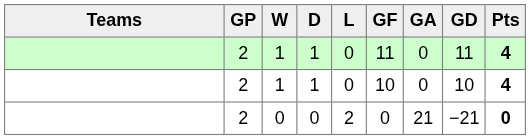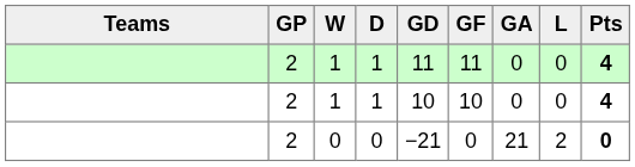 <table style=border-collapse:collapse border=1 cellspacing=0 cellpadding=5>
 <tr align=center bgcolor=#efefef>
 <th width=185>Teams</th>
 <th width=20>GP</th>
 <th width=20>W</th>
 <th width=20>D</th>
-<th width=20>L</th>
+<th width=20>GD</th>
 <th width=20>GF</th>
 <th width=20>GA</th>
-<th width=20>GD</th>
+<th width=20>L</th>
 <th width=20>Pts</th>
 </tr>
 <tr align=center style="background:#ccffcc;">
 <td style="text-align:left;"></td>
 <td>2</td>
 <td>1</td>
 <td>1</td>
-<td>0</td>
+<td>11</td>
 <td>11</td>
 <td>0</td>
-<td>11</td>
+<td>0</td>
 <td><strong>4</strong></td>
 </tr>
 <tr align=center>
 <td style="text-align:left;"></td>
 <td>2</td>
 <td>1</td>
 <td>1</td>
-<td>0</td>
+<td>10</td>
 <td>10</td>
 <td>0</td>
-<td>10</td>
+<td>0</td>
 <td><strong>4</strong></td>
 </tr>
 <tr align=center>
 <td style="text-align:left;"></td>
 <td>2</td>
 <td>0</td>
 <td>0</td>
-<td>2</td>
+<td>−21</td>
 <td>0</td>
 <td>21</td>
-<td>−21</td>
+<td>2</td>
 <td><strong>0</strong></td>
 </tr>
 </table>
